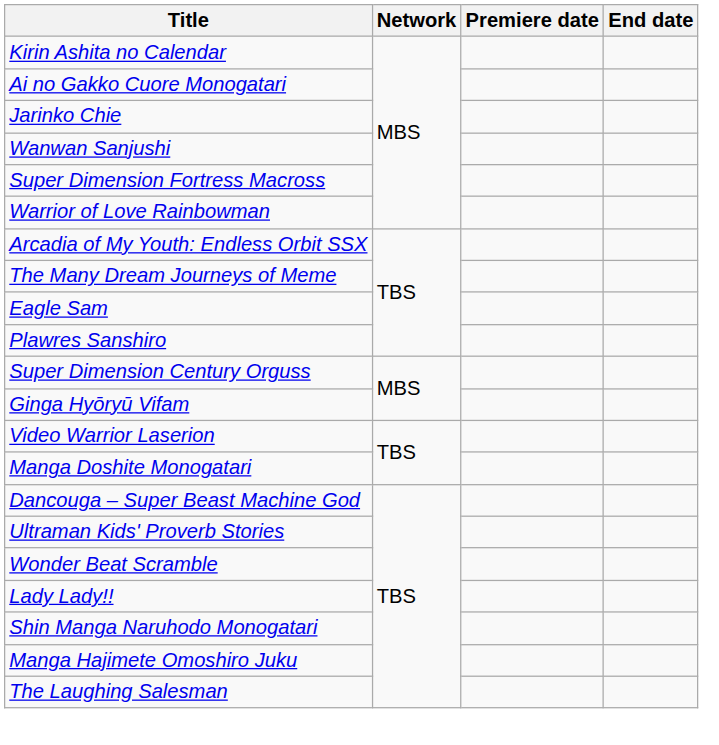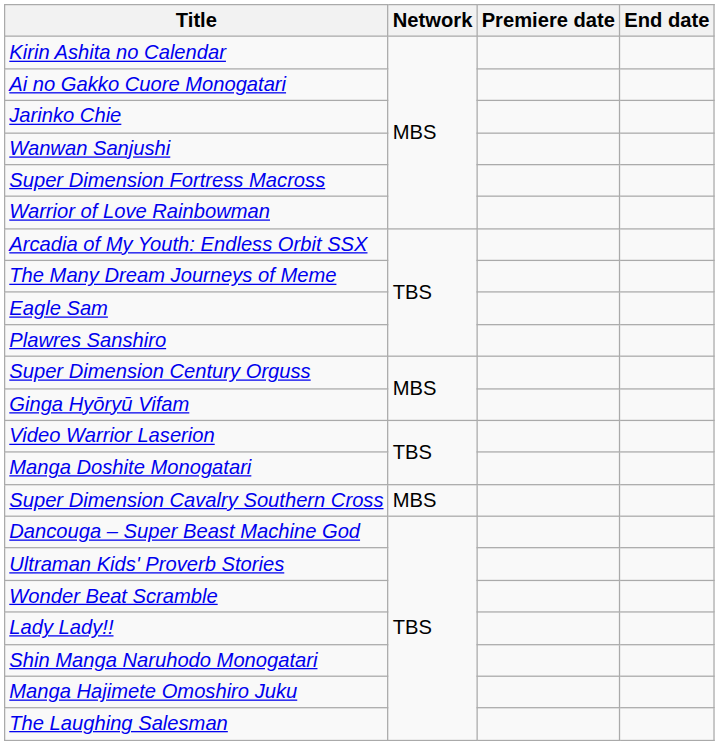 <table class="wikitable sortable">
 <tr>
 <th>Title</th>
 <th>Network</th>
 <th>Premiere date</th>
 <th>End date</th>
 </tr>
 <tr>
 <td><em><a href='#'>Kirin Ashita no Calendar</a></em></td>
 <td rowspan="6">MBS</td>
 <td></td>
 <td></td>
 </tr>
 <tr>
 <td><em><a href='#'>Ai no Gakko Cuore Monogatari</a></em></td>
 <td></td>
 <td></td>
 </tr>
 <tr>
 <td><em><a href='#'>Jarinko Chie</a></em></td>
 <td></td>
 <td></td>
 </tr>
 <tr>
 <td><em><a href='#'>Wanwan Sanjushi</a></em></td>
 <td></td>
 <td></td>
 </tr>
 <tr>
 <td><em><a href='#'>Super Dimension Fortress Macross</a></em></td>
 <td></td>
 <td></td>
 </tr>
 <tr>
 <td><em><a href='#'>Warrior of Love Rainbowman</a></em></td>
 <td></td>
 <td></td>
 </tr>
 <tr>
 <td><em><a href='#'>Arcadia of My Youth: Endless Orbit SSX</a></em></td>
 <td rowspan="4">TBS</td>
 <td></td>
 <td></td>
 </tr>
 <tr>
 <td><em><a href='#'>The Many Dream Journeys of Meme</a></em></td>
 <td></td>
 <td></td>
 </tr>
 <tr>
 <td><em><a href='#'>Eagle Sam</a></em></td>
 <td></td>
 <td></td>
 </tr>
 <tr>
 <td><em><a href='#'>Plawres Sanshiro</a></em></td>
 <td></td>
 <td></td>
 </tr>
 <tr>
 <td><em><a href='#'>Super Dimension Century Orguss</a></em></td>
 <td rowspan="2">MBS</td>
 <td></td>
 <td></td>
 </tr>
 <tr>
 <td><em><a href='#'>Ginga Hyōryū Vifam</a></em></td>
 <td></td>
 <td></td>
 </tr>
 <tr>
 <td><em><a href='#'>Video Warrior Laserion</a></em></td>
 <td rowspan="2">TBS</td>
 <td></td>
 <td></td>
 </tr>
 <tr>
 <td><em><a href='#'>Manga Doshite Monogatari</a></em></td>
 <td></td>
 <td></td>
 </tr>
 <tr>
+<td><em><a href='#'>Super Dimension Cavalry Southern Cross</a></em></td>
+<td>MBS</td>
+<td></td>
+<td></td>
+</tr>
+<tr>
 <td><em><a href='#'>Dancouga – Super Beast Machine God</a></em></td>
 <td rowspan="7">TBS</td>
 <td></td>
 <td></td>
 </tr>
 <tr>
 <td><em><a href='#'>Ultraman Kids' Proverb Stories</a></em></td>
 <td></td>
 <td></td>
 </tr>
 <tr>
 <td><em><a href='#'>Wonder Beat Scramble</a></em></td>
 <td></td>
 <td></td>
 </tr>
 <tr>
 <td><em><a href='#'>Lady Lady!!</a></em></td>
 <td></td>
 <td></td>
 </tr>
 <tr>
 <td><em><a href='#'>Shin Manga Naruhodo Monogatari</a></em></td>
 <td></td>
 <td></td>
 </tr>
 <tr>
 <td><em><a href='#'>Manga Hajimete Omoshiro Juku</a></em></td>
 <td></td>
 <td></td>
 </tr>
 <tr>
 <td><em><a href='#'>The Laughing Salesman</a></em></td>
 <td></td>
 <td></td>
 </tr>
 </table>
